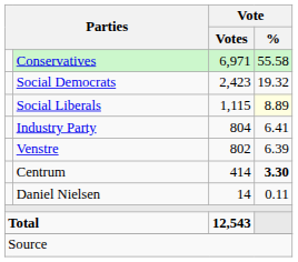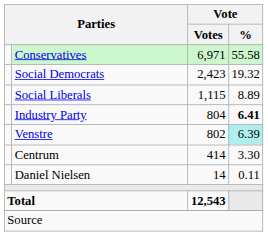 <table class="wikitable" style="text-align:right;">
 <tr>
 <th style="text-align:centre;" rowspan="2" colspan="2" width="225">Parties</th>
 <th colspan="3">Vote</th>
 </tr>
 <tr>
 <th width="15">Votes</th>
 <th width="15">%</th>
 </tr>
 <tr>
 <td width="2" style="color:inherit;background:"></td>
 <td bgcolor=#ccf7cc  align="left"><a href='#'>Conservatives</a></td>
 <td bgcolor=#ccf7cc>6,971</td>
 <td bgcolor=#ccf7cc>55.58</td>
 </tr>
 <tr>
 <td width="2" style="color:inherit;background:"></td>
 <td align="left"><a href='#'>Social Democrats</a></td>
 <td>2,423</td>
 <td>19.32</td>
 </tr>
 <tr>
 <td width="2" style="color:inherit;background:"></td>
 <td align="left"><a href='#'>Social Liberals</a></td>
 <td>1,115</td>
-<td style="background: lightyellow;">8.89</td>
+<td>8.89</td>
 </tr>
 <tr>
 <td width="2" style="color:inherit;background:"></td>
 <td align="left"><a href='#'>Industry Party</a></td>
 <td>804</td>
-<td>6.41</td>
+<td><strong>6.41</strong></td>
 </tr>
 <tr>
 <td width="2" style="color:inherit;background:"></td>
 <td align="left"><a href='#'>Venstre</a></td>
 <td>802</td>
-<td>6.39</td>
+<td style="background: paleturquoise;">6.39</td>
 </tr>
 <tr>
 <td width="2" style="color:inherit;background:"></td>
 <td align="left">Centrum</td>
 <td>414</td>
-<td><strong>3.30</strong></td>
+<td>3.30</td>
 </tr>
 <tr>
 <td width="2" style="color:inherit;background:"></td>
 <td align="left">Daniel Nielsen</td>
 <td>14</td>
 <td>0.11</td>
 </tr>
 <tr>
 <td colspan="7" bgcolor="#E9E9E9"></td>
 </tr>
 <tr>
 <td align="left" colspan="2"><strong>Total</strong></td>
 <td><strong>12,543</strong></td>
 <td bgcolor="#E9E9E9" colspan="2"></td>
 </tr>
 <tr>
 </tr>
 <tr>
 <td align="left" colspan="6">Source</td>
 </tr>
 </table>
